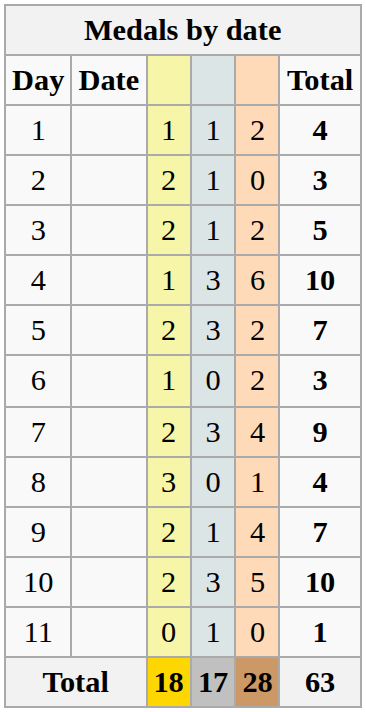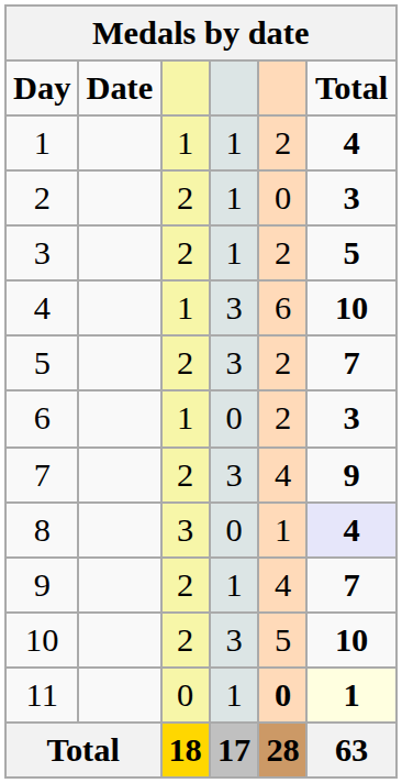 <table class="wikitable" style="font-size:95%">
 <tr style="background:#efefef;">
 <th colspan=6>Medals by date</th>
 </tr>
 <tr style="text-align:center;">
 <td><strong>Day</strong></td>
 <td><strong>Date</strong></td>
 <td style="background:#F7F6A8;"></td>
 <td style="background:#DCE5E5;"></td>
 <td style="background:#FFDAB9;"></td>
 <td><strong>Total</strong></td>
 </tr>
 <tr style="text-align:center;">
 <td>1</td>
 <td></td>
 <td style="background:#F7F6A8;">1</td>
 <td style="background:#DCE5E5;">1</td>
 <td style="background:#FFDAB9;">2</td>
 <td><strong>4</strong></td>
 </tr>
 <tr style="text-align:center;">
 <td>2</td>
 <td></td>
 <td style="background:#F7F6A8;">2</td>
 <td style="background:#DCE5E5;">1</td>
 <td style="background:#FFDAB9;">0</td>
 <td><strong>3</strong></td>
 </tr>
 <tr style="text-align:center;">
 <td>3</td>
 <td></td>
 <td style="background:#F7F6A8;">2</td>
 <td style="background:#DCE5E5;">1</td>
 <td style="background:#FFDAB9;">2</td>
 <td><strong>5</strong></td>
 </tr>
 <tr style="text-align:center;">
 <td>4</td>
 <td></td>
 <td style="background:#F7F6A8;">1</td>
 <td style="background:#DCE5E5;">3</td>
 <td style="background:#FFDAB9;">6</td>
 <td><strong>10</strong></td>
 </tr>
 <tr>
 </tr>
 <tr style="text-align:center;">
 <td>5</td>
 <td></td>
 <td style="background:#F7F6A8;">2</td>
 <td style="background:#DCE5E5;">3</td>
 <td style="background:#FFDAB9;">2</td>
 <td><strong>7</strong></td>
 </tr>
 <tr>
 </tr>
 <tr style="text-align:center;">
 <td>6</td>
 <td></td>
 <td style="background:#F7F6A8;">1</td>
 <td style="background:#DCE5E5;">0</td>
 <td style="background:#FFDAB9;">2</td>
 <td><strong>3</strong></td>
 </tr>
 <tr>
 </tr>
 <tr style="text-align:center;">
 <td>7</td>
 <td></td>
 <td style="background:#F7F6A8;">2</td>
 <td style="background:#DCE5E5;">3</td>
 <td style="background:#FFDAB9;">4</td>
 <td><strong>9</strong></td>
 </tr>
 <tr>
 </tr>
 <tr style="text-align:center;">
 <td>8</td>
 <td></td>
 <td style="background:#F7F6A8;">3</td>
 <td style="background:#DCE5E5;">0</td>
 <td style="background:#FFDAB9;">1</td>
-<td><strong>4</strong></td>
+<td style="background: lavender;"><strong>4</strong></td>
 </tr>
 <tr>
 </tr>
 <tr style="text-align:center;">
 <td>9</td>
 <td></td>
 <td style="background:#F7F6A8;">2</td>
 <td style="background:#DCE5E5;">1</td>
 <td style="background:#FFDAB9;">4</td>
 <td><strong>7</strong></td>
 </tr>
 <tr>
 </tr>
 <tr style="text-align:center;">
 <td>10</td>
 <td></td>
 <td style="background:#F7F6A8;">2</td>
 <td style="background:#DCE5E5;">3</td>
 <td style="background:#FFDAB9;">5</td>
 <td><strong>10</strong></td>
 </tr>
 <tr>
 </tr>
 <tr style="text-align:center;">
 <td>11</td>
 <td></td>
 <td style="background:#F7F6A8;">0</td>
 <td style="background:#DCE5E5;">1</td>
-<td style="background:#FFDAB9;">0</td>
-<td><strong>1</strong></td>
+<td style="background:#FFDAB9;"><strong>0</strong></td>
+<td style="background: lightyellow;"><strong>1</strong></td>
 </tr>
 <tr>
 <th colspan="2">Total</th>
 <th style="background:gold;">18</th>
 <th style="background:silver;">17</th>
 <th style="background:#c96;">28</th>
 <th><strong>63</strong></th>
 </tr>
 </table>
